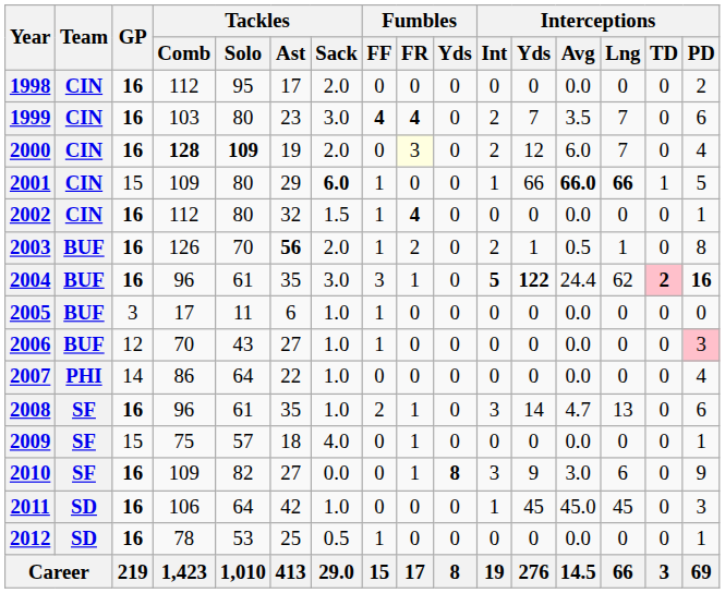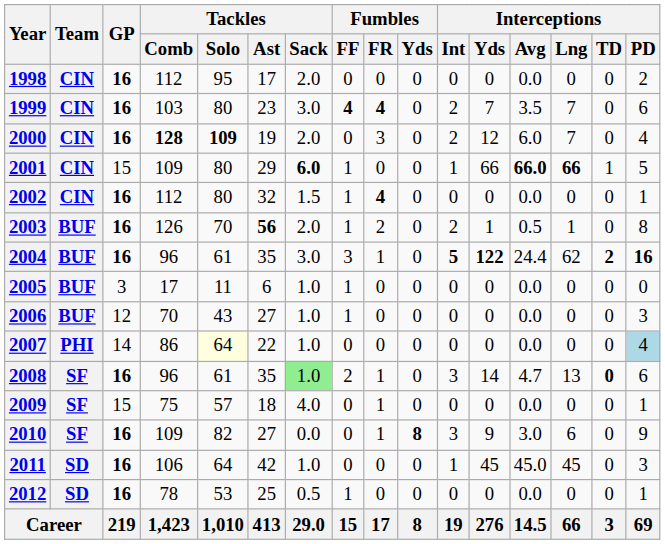 <table class="wikitable" style="text-align:center">
 <tr>
 <th rowspan="2">Year</th>
 <th rowspan="2">Team</th>
 <th rowspan="2">GP</th>
 <th colspan="4">Tackles</th>
 <th colspan="3">Fumbles</th>
 <th colspan="6">Interceptions</th>
 </tr>
 <tr>
 <th>Comb</th>
 <th>Solo</th>
 <th>Ast</th>
 <th>Sack</th>
 <th>FF</th>
 <th>FR</th>
 <th>Yds</th>
 <th>Int</th>
 <th>Yds</th>
 <th>Avg</th>
 <th>Lng</th>
 <th>TD</th>
 <th>PD</th>
 </tr>
 <tr>
 <th><a href='#'>1998</a></th>
 <th><a href='#'>CIN</a></th>
 <td><strong>16</strong></td>
 <td>112</td>
 <td>95</td>
 <td>17</td>
 <td>2.0</td>
 <td>0</td>
 <td>0</td>
 <td>0</td>
 <td>0</td>
 <td>0</td>
 <td>0.0</td>
 <td>0</td>
 <td>0</td>
 <td>2</td>
 </tr>
 <tr>
 <th><a href='#'>1999</a></th>
 <th><a href='#'>CIN</a></th>
 <td><strong>16</strong></td>
 <td>103</td>
 <td>80</td>
 <td>23</td>
 <td>3.0</td>
 <td><strong>4</strong></td>
 <td><strong>4</strong></td>
 <td>0</td>
 <td>2</td>
 <td>7</td>
 <td>3.5</td>
 <td>7</td>
 <td>0</td>
 <td>6</td>
 </tr>
 <tr>
 <th><a href='#'>2000</a></th>
 <th><a href='#'>CIN</a></th>
 <td><strong>16</strong></td>
 <td><strong>128</strong></td>
 <td><strong>109</strong></td>
 <td>19</td>
 <td>2.0</td>
 <td>0</td>
-<td style="background: lightyellow;">3</td>
+<td>3</td>
 <td>0</td>
 <td>2</td>
 <td>12</td>
 <td>6.0</td>
 <td>7</td>
 <td>0</td>
 <td>4</td>
 </tr>
 <tr>
 <th><a href='#'>2001</a></th>
 <th><a href='#'>CIN</a></th>
 <td>15</td>
 <td>109</td>
 <td>80</td>
 <td>29</td>
 <td><strong>6.0</strong></td>
 <td>1</td>
 <td>0</td>
 <td>0</td>
 <td>1</td>
 <td>66</td>
 <td><strong>66.0</strong></td>
 <td><strong>66</strong></td>
 <td>1</td>
 <td>5</td>
 </tr>
 <tr>
 <th><a href='#'>2002</a></th>
 <th><a href='#'>CIN</a></th>
 <td><strong>16</strong></td>
 <td>112</td>
 <td>80</td>
 <td>32</td>
 <td>1.5</td>
 <td>1</td>
 <td><strong>4</strong></td>
 <td>0</td>
 <td>0</td>
 <td>0</td>
 <td>0.0</td>
 <td>0</td>
 <td>0</td>
 <td>1</td>
 </tr>
 <tr>
 <th><a href='#'>2003</a></th>
 <th><a href='#'>BUF</a></th>
 <td><strong>16</strong></td>
 <td>126</td>
 <td>70</td>
 <td><strong>56</strong></td>
 <td>2.0</td>
 <td>1</td>
 <td>2</td>
 <td>0</td>
 <td>2</td>
 <td>1</td>
 <td>0.5</td>
 <td>1</td>
 <td>0</td>
 <td>8</td>
 </tr>
 <tr>
 <th><a href='#'>2004</a></th>
 <th><a href='#'>BUF</a></th>
 <td><strong>16</strong></td>
 <td>96</td>
 <td>61</td>
 <td>35</td>
 <td>3.0</td>
 <td>3</td>
 <td>1</td>
 <td>0</td>
 <td><strong>5</strong></td>
 <td><strong>122</strong></td>
 <td>24.4</td>
 <td>62</td>
-<td style="background: pink;"><strong>2</strong></td>
+<td><strong>2</strong></td>
 <td><strong>16</strong></td>
 </tr>
 <tr>
 <th><a href='#'>2005</a></th>
 <th><a href='#'>BUF</a></th>
 <td>3</td>
 <td>17</td>
 <td>11</td>
 <td>6</td>
 <td>1.0</td>
 <td>1</td>
 <td>0</td>
 <td>0</td>
 <td>0</td>
 <td>0</td>
 <td>0.0</td>
 <td>0</td>
 <td>0</td>
 <td>0</td>
 </tr>
 <tr>
 <th><a href='#'>2006</a></th>
 <th><a href='#'>BUF</a></th>
 <td>12</td>
 <td>70</td>
 <td>43</td>
 <td>27</td>
 <td>1.0</td>
 <td>1</td>
 <td>0</td>
 <td>0</td>
 <td>0</td>
 <td>0</td>
 <td>0.0</td>
 <td>0</td>
 <td>0</td>
-<td style="background: pink;">3</td>
+<td>3</td>
 </tr>
 <tr>
 <th><a href='#'>2007</a></th>
 <th><a href='#'>PHI</a></th>
 <td>14</td>
 <td>86</td>
-<td>64</td>
+<td style="background: lightyellow;">64</td>
 <td>22</td>
 <td>1.0</td>
 <td>0</td>
 <td>0</td>
 <td>0</td>
 <td>0</td>
 <td>0</td>
 <td>0.0</td>
 <td>0</td>
 <td>0</td>
-<td>4</td>
+<td style="background: lightblue;">4</td>
 </tr>
 <tr>
 <th><a href='#'>2008</a></th>
 <th><a href='#'>SF</a></th>
 <td><strong>16</strong></td>
 <td>96</td>
 <td>61</td>
 <td>35</td>
-<td>1.0</td>
+<td style="background: lightgreen;">1.0</td>
 <td>2</td>
 <td>1</td>
 <td>0</td>
 <td>3</td>
 <td>14</td>
 <td>4.7</td>
 <td>13</td>
-<td>0</td>
+<td><strong>0</strong></td>
 <td>6</td>
 </tr>
 <tr>
 <th><a href='#'>2009</a></th>
 <th><a href='#'>SF</a></th>
 <td>15</td>
 <td>75</td>
 <td>57</td>
 <td>18</td>
 <td>4.0</td>
 <td>0</td>
 <td>1</td>
 <td>0</td>
 <td>0</td>
 <td>0</td>
 <td>0.0</td>
 <td>0</td>
 <td>0</td>
 <td>1</td>
 </tr>
 <tr>
 <th><a href='#'>2010</a></th>
 <th><a href='#'>SF</a></th>
 <td><strong>16</strong></td>
 <td>109</td>
 <td>82</td>
 <td>27</td>
 <td>0.0</td>
 <td>0</td>
 <td>1</td>
 <td><strong>8</strong></td>
 <td>3</td>
 <td>9</td>
 <td>3.0</td>
 <td>6</td>
 <td>0</td>
 <td>9</td>
 </tr>
 <tr>
 <th><a href='#'>2011</a></th>
 <th><a href='#'>SD</a></th>
 <td><strong>16</strong></td>
 <td>106</td>
 <td>64</td>
 <td>42</td>
 <td>1.0</td>
 <td>0</td>
 <td>0</td>
 <td>0</td>
 <td>1</td>
 <td>45</td>
 <td>45.0</td>
 <td>45</td>
 <td>0</td>
 <td>3</td>
 </tr>
 <tr>
 <th><a href='#'>2012</a></th>
 <th><a href='#'>SD</a></th>
 <td><strong>16</strong></td>
 <td>78</td>
 <td>53</td>
 <td>25</td>
 <td>0.5</td>
 <td>1</td>
 <td>0</td>
 <td>0</td>
 <td>0</td>
 <td>0</td>
 <td>0.0</td>
 <td>0</td>
 <td>0</td>
 <td>1</td>
 </tr>
 <tr>
 <th colspan="2">Career</th>
 <th>219</th>
 <th>1,423</th>
 <th>1,010</th>
 <th>413</th>
 <th>29.0</th>
 <th>15</th>
 <th>17</th>
 <th>8</th>
 <th>19</th>
 <th>276</th>
 <th>14.5</th>
 <th>66</th>
 <th>3</th>
 <th>69</th>
 </tr>
 </table>
